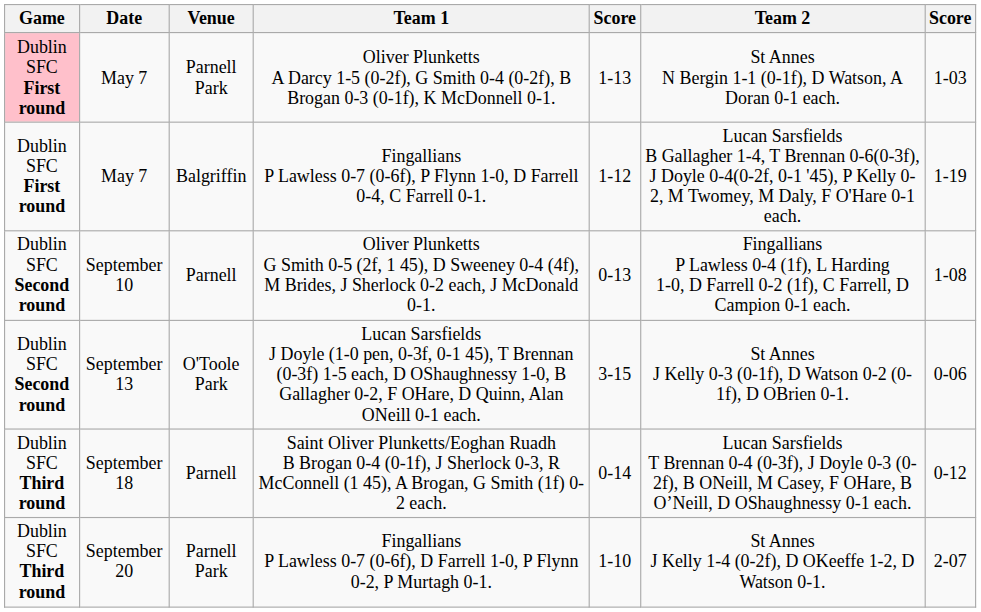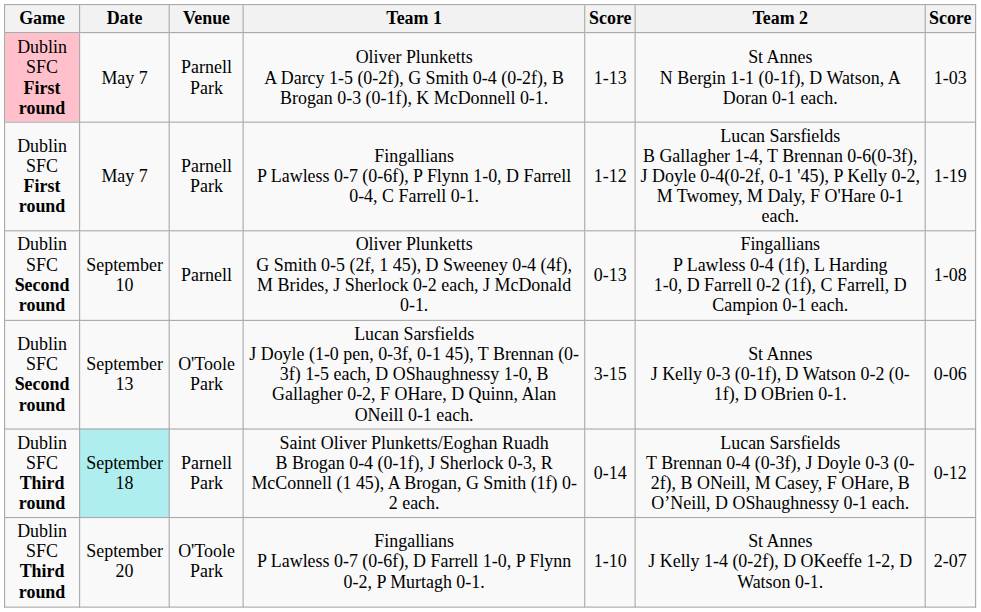 <table class="wikitable">
 <tr>
 <th>Game</th>
 <th>Date</th>
 <th>Venue</th>
 <th>Team 1</th>
 <th>Score</th>
 <th>Team 2</th>
 <th>Score</th>
 </tr>
 <tr style="text-align:center;">
 <td style="background: pink;">Dublin SFC<br><strong>First round</strong></td>
 <td>May 7</td>
 <td>Parnell Park</td>
 <td>Oliver Plunketts<br>A Darcy 1-5 (0-2f), G Smith 0-4 (0-2f), B Brogan 0-3 (0-1f), K McDonnell 0-1.</td>
 <td>1-13</td>
 <td>St Annes<br>N Bergin 1-1 (0-1f), D Watson, A Doran 0-1 each.</td>
 <td>1-03</td>
 </tr>
 <tr style="text-align:center;">
 <td>Dublin SFC<br><strong>First round</strong></td>
 <td>May 7</td>
-<td>Balgriffin</td>
+<td>Parnell Park</td>
 <td>Fingallians<br>P Lawless 0-7 (0-6f), P Flynn 1-0, D Farrell 0-4, C Farrell 0-1.</td>
 <td>1-12</td>
 <td>Lucan Sarsfields<br>B Gallagher 1-4, T Brennan 0-6(0-3f), J Doyle 0-4(0-2f, 0-1 '45), P Kelly 0-2, M Twomey, M Daly, F O'Hare 0-1 each.</td>
 <td>1-19</td>
 </tr>
 <tr style="text-align:center;">
 <td>Dublin SFC<br><strong>Second round</strong></td>
 <td>September 10</td>
 <td>Parnell</td>
 <td>Oliver Plunketts<br> G Smith 0-5 (2f, 1 45), D Sweeney 0-4 (4f), M Brides, J Sherlock 0-2 each, J McDonald 0-1.</td>
 <td>0-13</td>
 <td>Fingallians<br>P Lawless 0-4 (1f), L Harding<br>1-0, D Farrell 0-2 (1f), C Farrell, D Campion 0-1 each.</td>
 <td>1-08</td>
 </tr>
 <tr style="text-align:center;">
 <td>Dublin SFC<br><strong>Second round</strong></td>
 <td>September 13</td>
 <td>O'Toole Park</td>
 <td>Lucan Sarsfields<br>J Doyle (1-0 pen, 0-3f, 0-1 45), T Brennan (0-3f) 1-5 each, D OShaughnessy 1-0, B Gallagher 0-2, F OHare, D Quinn, Alan ONeill 0-1 each.</td>
 <td>3-15</td>
 <td>St Annes<br>J Kelly 0-3 (0-1f), D Watson 0-2 (0-1f), D OBrien 0-1.</td>
 <td>0-06</td>
 </tr>
 <tr style="text-align:center;">
 <td>Dublin SFC<br><strong>Third round</strong></td>
-<td>September 18</td>
-<td>Parnell</td>
+<td style="background: paleturquoise;">September 18</td>
+<td>Parnell Park</td>
 <td>Saint Oliver Plunketts/Eoghan Ruadh<br>B Brogan 0-4 (0-1f), J Sherlock 0-3, R McConnell (1 45), A Brogan, G Smith (1f) 0-2 each.</td>
 <td>0-14</td>
 <td>Lucan Sarsfields<br>T Brennan 0-4 (0-3f), J Doyle 0-3 (0-2f), B ONeill, M Casey, F OHare, B O’Neill, D OShaughnessy 0-1 each.</td>
 <td>0-12</td>
 </tr>
 <tr style="text-align:center;">
 <td>Dublin SFC<br><strong>Third round</strong></td>
 <td>September 20</td>
-<td>Parnell Park</td>
+<td>O'Toole Park</td>
 <td>Fingallians<br>P Lawless 0-7 (0-6f), D Farrell 1-0, P Flynn 0-2, P Murtagh 0-1.</td>
 <td>1-10</td>
 <td>St Annes<br>J Kelly 1-4 (0-2f), D OKeeffe 1-2, D Watson 0-1.</td>
 <td>2-07</td>
 </tr>
 </table>
